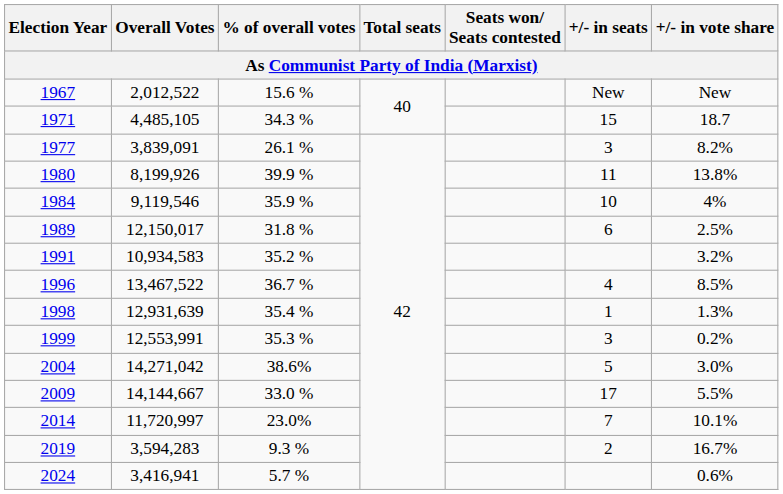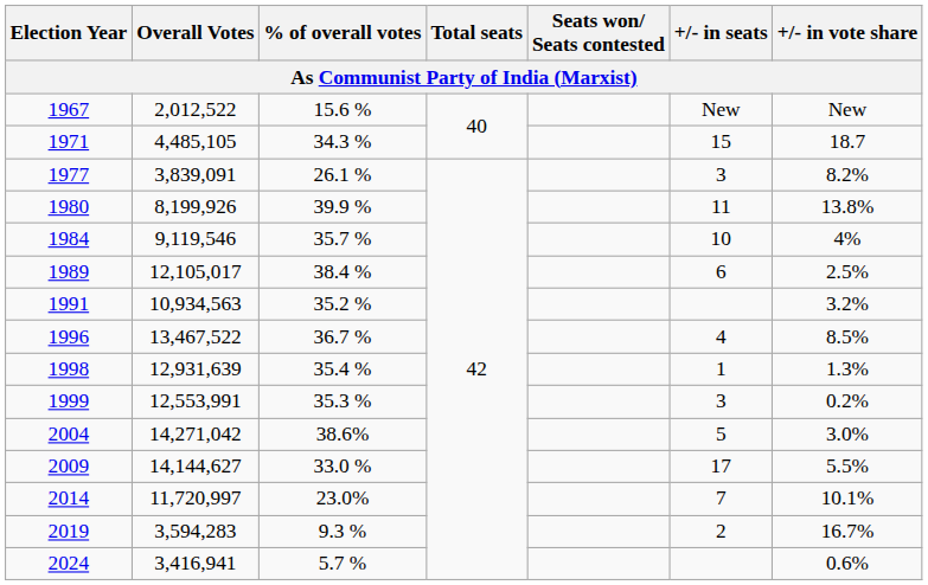 <table class="wikitable sortable" style="text-align:center">
 <tr>
 <th Style="background-color:">Election Year</th>
 <th Style="background-color:">Overall Votes</th>
 <th Style="background-color:">% of overall votes</th>
 <th Style="background-color:">Total seats</th>
 <th Style="background-color:">Seats won/<br>Seats contested</th>
 <th Style="background-color:">+/- in seats</th>
 <th Style="background-color:">+/- in vote share</th>
 </tr>
 <tr>
 <th colspan=14>As <a href='#'>Communist Party of India (Marxist)</a></th>
 </tr>
 <tr>
 <td><a href='#'>1967</a></td>
 <td>2,012,522</td>
 <td>15.6 %</td>
 <td rowspan="2">40</td>
 <td></td>
 <td>New</td>
 <td>New</td>
 </tr>
 <tr>
 <td><a href='#'>1971</a></td>
 <td>4,485,105</td>
 <td>34.3 %</td>
 <td></td>
 <td> 15</td>
 <td> 18.7</td>
 </tr>
 <tr>
 <td><a href='#'>1977</a></td>
 <td>3,839,091</td>
 <td>26.1 %</td>
 <td rowspan="13">42</td>
 <td></td>
 <td> 3</td>
 <td> 8.2%</td>
 </tr>
 <tr>
 <td><a href='#'>1980</a></td>
 <td>8,199,926</td>
 <td>39.9 %</td>
 <td></td>
 <td> 11</td>
 <td> 13.8%</td>
 </tr>
 <tr>
 <td><a href='#'>1984</a></td>
 <td>9,119,546</td>
-<td>35.9 %</td>
+<td>35.7 %</td>
 <td></td>
 <td> 10</td>
 <td> 4%</td>
 </tr>
 <tr>
 <td><a href='#'>1989</a></td>
-<td>12,150,017</td>
-<td>31.8 %</td>
+<td>12,105,017</td>
+<td>38.4 %</td>
 <td></td>
 <td> 6</td>
 <td> 2.5%</td>
 </tr>
 <tr>
 <td><a href='#'>1991</a></td>
-<td>10,934,583</td>
+<td>10,934,563</td>
 <td>35.2 %</td>
 <td></td>
 <td></td>
 <td> 3.2%</td>
 </tr>
 <tr>
 <td><a href='#'>1996</a></td>
 <td>13,467,522</td>
 <td>36.7 %</td>
 <td></td>
 <td> 4</td>
 <td> 8.5%</td>
 </tr>
 <tr>
 <td><a href='#'>1998</a></td>
 <td>12,931,639</td>
 <td>35.4 %</td>
 <td></td>
 <td> 1</td>
 <td> 1.3%</td>
 </tr>
 <tr>
 <td><a href='#'>1999</a></td>
 <td>12,553,991</td>
 <td>35.3 %</td>
 <td></td>
 <td> 3</td>
 <td> 0.2%</td>
 </tr>
 <tr>
 <td><a href='#'>2004</a></td>
 <td>14,271,042</td>
 <td>38.6%</td>
 <td></td>
 <td> 5</td>
 <td> 3.0%</td>
 </tr>
 <tr>
 <td><a href='#'>2009</a></td>
-<td>14,144,667</td>
+<td>14,144,627</td>
 <td>33.0 %</td>
 <td></td>
 <td> 17</td>
 <td> 5.5%</td>
 </tr>
 <tr>
 <td><a href='#'>2014</a></td>
 <td>11,720,997</td>
 <td>23.0%</td>
 <td></td>
 <td> 7</td>
 <td> 10.1%</td>
 </tr>
 <tr>
 <td><a href='#'>2019</a></td>
 <td>3,594,283</td>
 <td>9.3 %</td>
 <td></td>
 <td> 2</td>
 <td> 16.7%</td>
 </tr>
 <tr>
 <td><a href='#'>2024</a></td>
 <td>3,416,941</td>
 <td>5.7 %</td>
 <td></td>
 <td></td>
 <td> 0.6%</td>
 </tr>
 </table>
